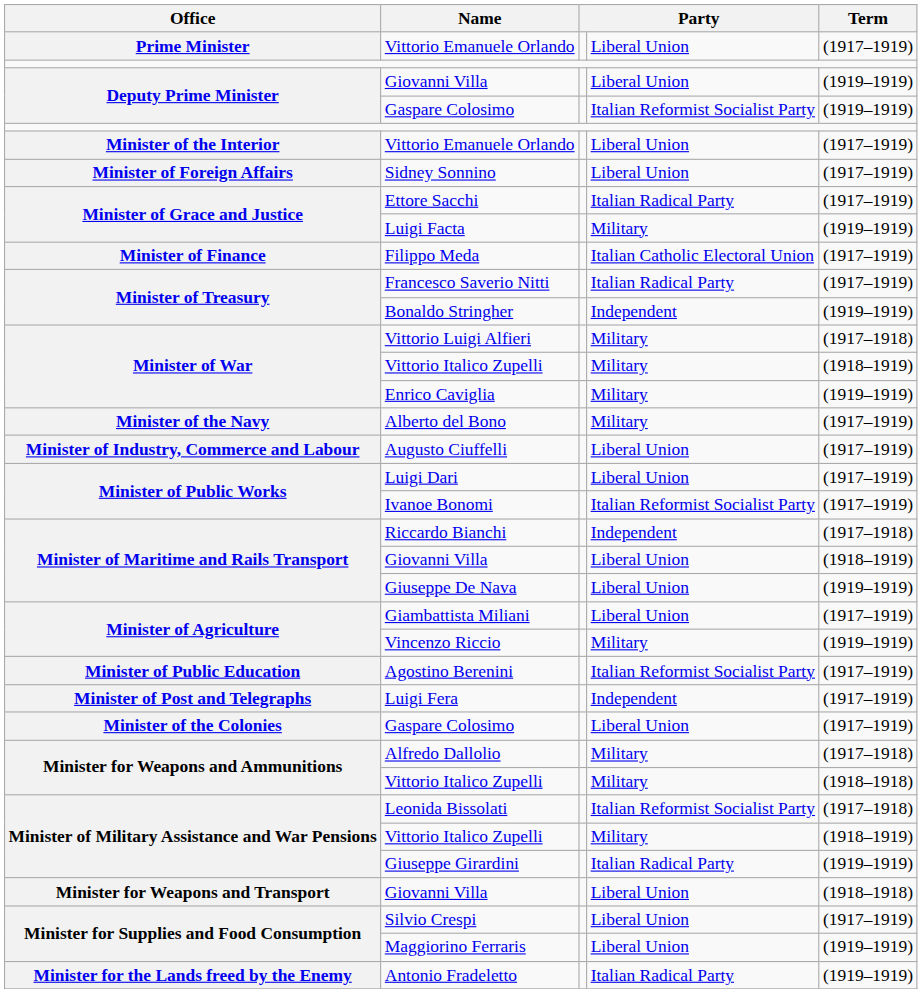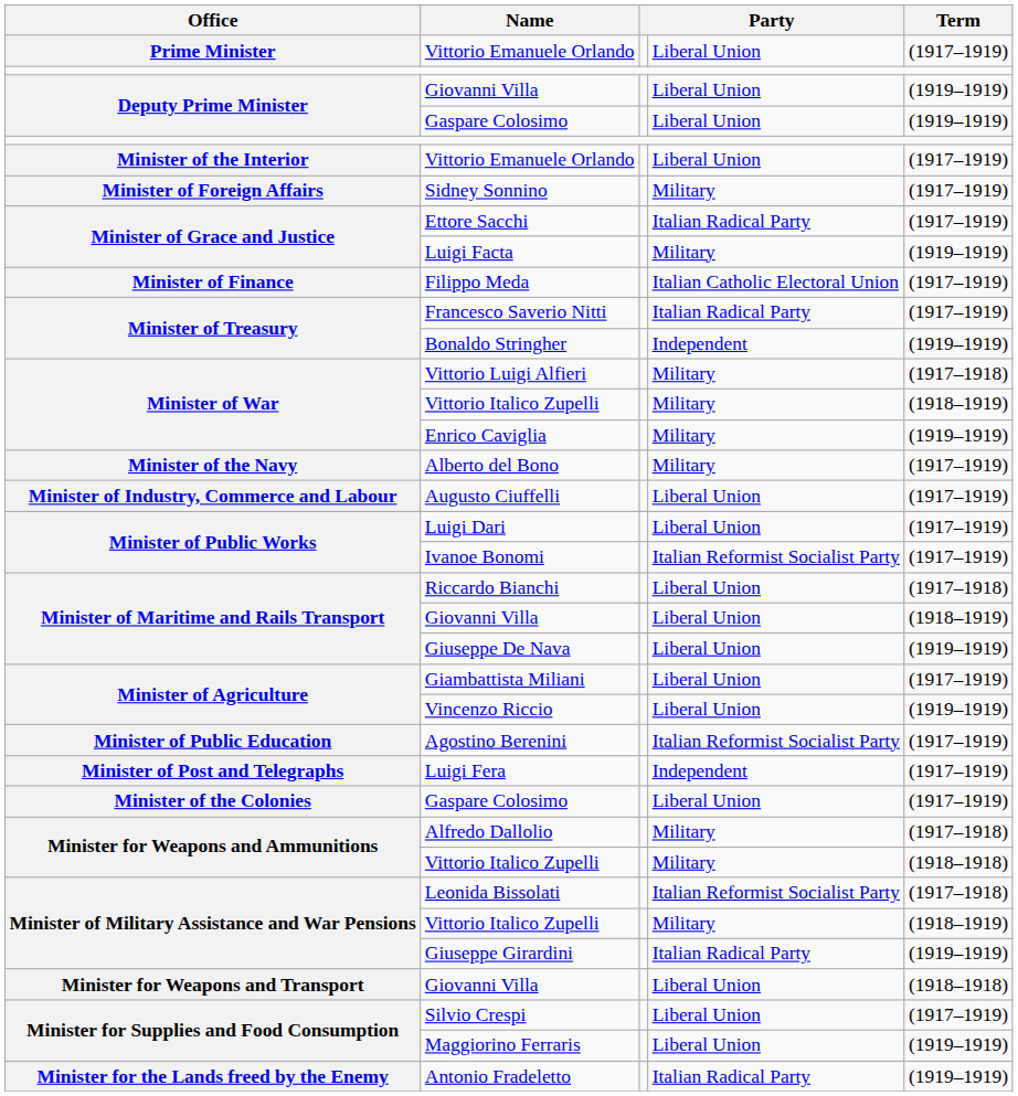 <table class="wikitable" style="font-size: 100%;">
 <tr>
 <th>Office</th>
 <th>Name</th>
 <th colspan=2>Party</th>
 <th>Term</th>
 </tr>
 <tr>
 <th><a href='#'>Prime Minister</a></th>
 <td><a href='#'>Vittorio Emanuele Orlando</a></td>
 <td style="color:inherit;background:"></td>
 <td><a href='#'>Liberal Union</a></td>
 <td>(1917–1919)</td>
 </tr>
 <tr>
 <td colspan=6></td>
 </tr>
 <tr>
 <th rowspan=2><a href='#'>Deputy Prime Minister</a></th>
 <td><a href='#'>Giovanni Villa</a></td>
 <td style="color:inherit;background:"></td>
 <td><a href='#'>Liberal Union</a></td>
 <td>(1919–1919)</td>
 </tr>
 <tr>
 <td><a href='#'>Gaspare Colosimo</a></td>
 <td style="color:inherit;background:"></td>
-<td><a href='#'>Italian Reformist Socialist Party</a></td>
+<td><a href='#'>Liberal Union</a></td>
 <td>(1919–1919)</td>
 </tr>
 <tr>
 <td colspan=6></td>
 </tr>
 <tr>
 <th><a href='#'>Minister of the Interior</a></th>
 <td><a href='#'>Vittorio Emanuele Orlando</a></td>
 <td style="color:inherit;background:"></td>
 <td><a href='#'>Liberal Union</a></td>
 <td>(1917–1919)</td>
 </tr>
 <tr>
 <th><a href='#'>Minister of Foreign Affairs</a></th>
 <td><a href='#'>Sidney Sonnino</a></td>
 <td style="color:inherit;background:"></td>
-<td><a href='#'>Liberal Union</a></td>
+<td><a href='#'>Military</a></td>
 <td>(1917–1919)</td>
 </tr>
 <tr>
 <th rowspan=2><a href='#'>Minister of Grace and Justice</a></th>
 <td><a href='#'>Ettore Sacchi</a></td>
 <td style="color:inherit;background:"></td>
 <td><a href='#'>Italian Radical Party</a></td>
 <td>(1917–1919)</td>
 </tr>
 <tr>
 <td><a href='#'>Luigi Facta</a></td>
 <td style="color:inherit;background:"></td>
 <td><a href='#'>Military</a></td>
 <td>(1919–1919)</td>
 </tr>
 <tr>
 <th><a href='#'>Minister of Finance</a></th>
 <td><a href='#'>Filippo Meda</a></td>
 <td style="color:inherit;background:"></td>
 <td><a href='#'>Italian Catholic Electoral Union</a></td>
 <td>(1917–1919)</td>
 </tr>
 <tr>
 <th rowspan=2><a href='#'>Minister of Treasury</a></th>
 <td><a href='#'>Francesco Saverio Nitti</a></td>
 <td style="color:inherit;background:"></td>
 <td><a href='#'>Italian Radical Party</a></td>
 <td>(1917–1919)</td>
 </tr>
 <tr>
 <td><a href='#'>Bonaldo Stringher</a></td>
 <td style="color:inherit;background:"></td>
 <td><a href='#'>Independent</a></td>
 <td>(1919–1919)</td>
 </tr>
 <tr>
 <th rowspan=3><a href='#'>Minister of War</a></th>
 <td><a href='#'>Vittorio Luigi Alfieri</a></td>
 <td style="color:inherit;background:"></td>
 <td><a href='#'>Military</a></td>
 <td>(1917–1918)</td>
 </tr>
 <tr>
 <td><a href='#'>Vittorio Italico Zupelli</a></td>
 <td style="color:inherit;background:"></td>
 <td><a href='#'>Military</a></td>
 <td>(1918–1919)</td>
 </tr>
 <tr>
 <td><a href='#'>Enrico Caviglia</a></td>
 <td style="color:inherit;background:"></td>
 <td><a href='#'>Military</a></td>
 <td>(1919–1919)</td>
 </tr>
 <tr>
 <th><a href='#'>Minister of the Navy</a></th>
 <td><a href='#'>Alberto del Bono</a></td>
 <td style="color:inherit;background:"></td>
 <td><a href='#'>Military</a></td>
 <td>(1917–1919)</td>
 </tr>
 <tr>
 <th><a href='#'>Minister of Industry, Commerce and Labour</a></th>
 <td><a href='#'>Augusto Ciuffelli</a></td>
 <td style="color:inherit;background:"></td>
 <td><a href='#'>Liberal Union</a></td>
 <td>(1917–1919)</td>
 </tr>
 <tr>
 <th rowspan=2><a href='#'>Minister of Public Works</a></th>
 <td><a href='#'>Luigi Dari</a></td>
 <td style="color:inherit;background:"></td>
 <td><a href='#'>Liberal Union</a></td>
 <td>(1917–1919)</td>
 </tr>
 <tr>
 <td><a href='#'>Ivanoe Bonomi</a></td>
 <td style="color:inherit;background:"></td>
 <td><a href='#'>Italian Reformist Socialist Party</a></td>
 <td>(1917–1919)</td>
 </tr>
 <tr>
 <th rowspan=3><a href='#'>Minister of Maritime and Rails Transport</a></th>
 <td><a href='#'>Riccardo Bianchi</a></td>
 <td style="color:inherit;background:"></td>
-<td><a href='#'>Independent</a></td>
+<td><a href='#'>Liberal Union</a></td>
 <td>(1917–1918)</td>
 </tr>
 <tr>
 <td><a href='#'>Giovanni Villa</a></td>
 <td style="color:inherit;background:"></td>
 <td><a href='#'>Liberal Union</a></td>
 <td>(1918–1919)</td>
 </tr>
 <tr>
 <td><a href='#'>Giuseppe De Nava</a></td>
 <td style="color:inherit;background:"></td>
 <td><a href='#'>Liberal Union</a></td>
 <td>(1919–1919)</td>
 </tr>
 <tr>
 <th rowspan=2><a href='#'>Minister of Agriculture</a></th>
 <td><a href='#'>Giambattista Miliani</a></td>
 <td style="color:inherit;background:"></td>
 <td><a href='#'>Liberal Union</a></td>
 <td>(1917–1919)</td>
 </tr>
 <tr>
 <td><a href='#'>Vincenzo Riccio</a></td>
 <td style="color:inherit;background:"></td>
-<td><a href='#'>Military</a></td>
+<td><a href='#'>Liberal Union</a></td>
 <td>(1919–1919)</td>
 </tr>
 <tr>
 <th><a href='#'>Minister of Public Education</a></th>
 <td><a href='#'>Agostino Berenini</a></td>
 <td style="color:inherit;background:"></td>
 <td><a href='#'>Italian Reformist Socialist Party</a></td>
 <td>(1917–1919)</td>
 </tr>
 <tr>
 <th><a href='#'>Minister of Post and Telegraphs</a></th>
 <td><a href='#'>Luigi Fera</a></td>
 <td style="color:inherit;background:"></td>
 <td><a href='#'>Independent</a></td>
 <td>(1917–1919)</td>
 </tr>
 <tr>
 <th><a href='#'>Minister of the Colonies</a></th>
 <td><a href='#'>Gaspare Colosimo</a></td>
 <td style="color:inherit;background:"></td>
 <td><a href='#'>Liberal Union</a></td>
 <td>(1917–1919)</td>
 </tr>
 <tr>
 <th rowspan=2>Minister for Weapons and Ammunitions</th>
 <td><a href='#'>Alfredo Dallolio</a></td>
 <td style="color:inherit;background:"></td>
 <td><a href='#'>Military</a></td>
 <td>(1917–1918)</td>
 </tr>
 <tr>
 <td><a href='#'>Vittorio Italico Zupelli</a></td>
 <td style="color:inherit;background:"></td>
 <td><a href='#'>Military</a></td>
 <td>(1918–1918)</td>
 </tr>
 <tr>
 <th rowspan=3>Minister of Military Assistance and War Pensions</th>
 <td><a href='#'>Leonida Bissolati</a></td>
 <td style="color:inherit;background:"></td>
 <td><a href='#'>Italian Reformist Socialist Party</a></td>
 <td>(1917–1918)</td>
 </tr>
 <tr>
 <td><a href='#'>Vittorio Italico Zupelli</a></td>
 <td style="color:inherit;background:"></td>
 <td><a href='#'>Military</a></td>
 <td>(1918–1919)</td>
 </tr>
 <tr>
 <td><a href='#'>Giuseppe Girardini</a></td>
 <td style="color:inherit;background:"></td>
 <td><a href='#'>Italian Radical Party</a></td>
 <td>(1919–1919)</td>
 </tr>
 <tr>
 <th>Minister for Weapons and Transport</th>
 <td><a href='#'>Giovanni Villa</a></td>
 <td style="color:inherit;background:"></td>
 <td><a href='#'>Liberal Union</a></td>
 <td>(1918–1918)</td>
 </tr>
 <tr>
 <th rowspan=2>Minister for Supplies and Food Consumption</th>
 <td><a href='#'>Silvio Crespi</a></td>
 <td style="color:inherit;background:"></td>
 <td><a href='#'>Liberal Union</a></td>
 <td>(1917–1919)</td>
 </tr>
 <tr>
 <td><a href='#'>Maggiorino Ferraris</a></td>
 <td style="color:inherit;background:"></td>
 <td><a href='#'>Liberal Union</a></td>
 <td>(1919–1919)</td>
 </tr>
 <tr>
 <th><a href='#'>Minister for the Lands freed by the Enemy</a></th>
 <td><a href='#'>Antonio Fradeletto</a></td>
 <td style="color:inherit;background:"></td>
 <td><a href='#'>Italian Radical Party</a></td>
 <td>(1919–1919)</td>
 </tr>
 </table>
